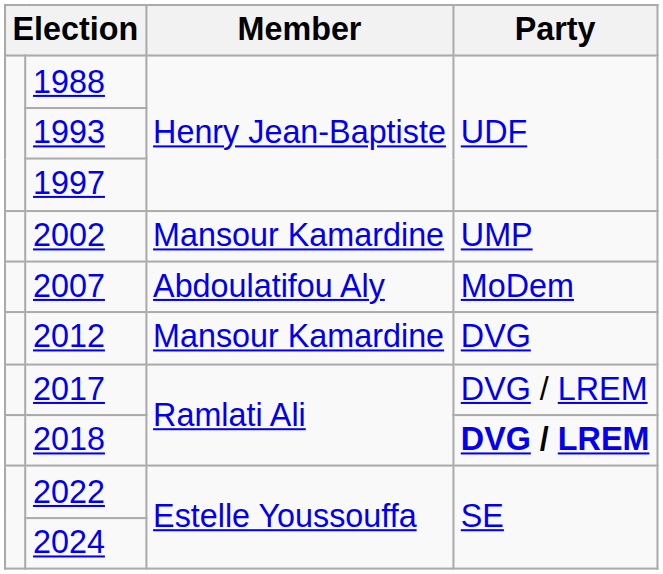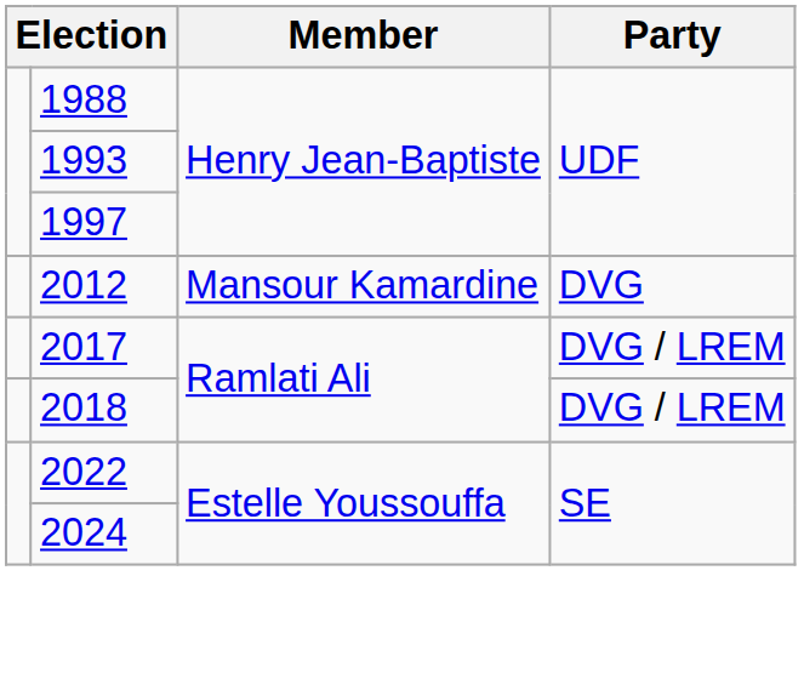 <table class="wikitable">
 <tr>
 <th colspan="2">Election</th>
 <th>Member</th>
 <th>Party</th>
 </tr>
 <tr>
 <td rowspan=3 style="background-color: "></td>
 <td><a href='#'>1988</a></td>
 <td rowspan=3><a href='#'>Henry Jean-Baptiste</a></td>
 <td rowspan=3><a href='#'>UDF</a></td>
 </tr>
 <tr>
 <td><a href='#'>1993</a></td>
 </tr>
 <tr>
 <td><a href='#'>1997</a></td>
 </tr>
 <tr>
 <td style="color:inherit;background-color: "></td>
-<td><a href='#'>2002</a></td>
-<td><a href='#'>Mansour Kamardine</a></td>
-<td><a href='#'>UMP</a></td>
-</tr>
-<tr>
-<td style="color:inherit;background-color: "></td>
-<td><a href='#'>2007</a></td>
-<td><a href='#'>Abdoulatifou Aly</a></td>
-<td><a href='#'>MoDem</a></td>
-</tr>
-<tr>
-<td style="color:inherit;background-color: "></td>
 <td><a href='#'>2012</a></td>
 <td><a href='#'>Mansour Kamardine</a></td>
 <td><a href='#'>DVG</a></td>
 </tr>
 <tr>
 <td style="color:inherit;background-color: "></td>
 <td><a href='#'>2017</a></td>
 <td rowspan=2><a href='#'>Ramlati Ali</a></td>
 <td><a href='#'>DVG</a> / <a href='#'>LREM</a></td>
 </tr>
 <tr>
 <td style="color:inherit;background-color: "></td>
 <td><a href='#'>2018</a></td>
-<td><strong><a href='#'>DVG</a> / <a href='#'>LREM</a></strong></td>
+<td><a href='#'>DVG</a> / <a href='#'>LREM</a></td>
 </tr>
 <tr>
 <td rowspan="2" style="color:inherit;background-color: "></td>
 <td><a href='#'>2022</a></td>
 <td rowspan="2"><a href='#'>Estelle Youssouffa</a></td>
 <td rowspan="2"><a href='#'>SE</a></td>
 </tr>
 <tr>
 <td><a href='#'>2024</a></td>
 </tr>
 </table>
